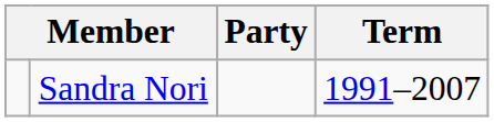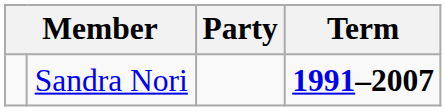 <table class="wikitable">
 <tr>
 <th colspan="2">Member</th>
 <th>Party</th>
 <th>Term</th>
 </tr>
 <tr>
 <td> </td>
 <td><a href='#'>Sandra Nori</a> </td>
 <td></td>
-<td><a href='#'>1991</a>–2007</td>
+<td><strong><a href='#'>1991</a>–2007</strong></td>
 </tr>
 </table>
